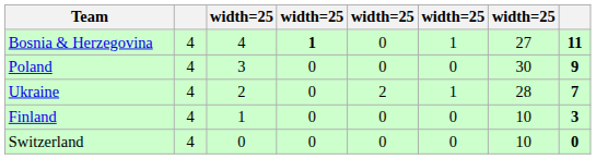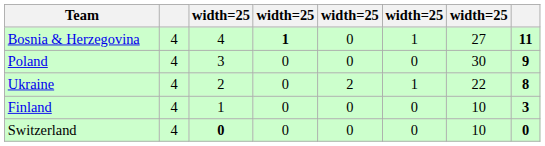 <table class="wikitable sortable" style="text-align: center; ">
 <tr>
 <th width=165>Team</th>
 <th width=25></th>
 <th>width=25</th>
 <th>width=25</th>
 <th>width=25</th>
 <th>width=25</th>
 <th>width=25</th>
 <th width=25></th>
 </tr>
 <tr style="background:#ccffcc;">
 <td style="text-align:left;"> <a href='#'>Bosnia & Herzegovina</a></td>
 <td>4</td>
 <td>4</td>
 <td><strong>1</strong></td>
 <td>0</td>
 <td>1</td>
 <td>27</td>
 <td><strong>11</strong></td>
 </tr>
 <tr style="background:#ccffcc;">
 <td style="text-align:left;"> <a href='#'>Poland</a></td>
 <td>4</td>
 <td>3</td>
 <td>0</td>
 <td>0</td>
 <td>0</td>
 <td>30</td>
 <td><strong>9</strong></td>
 </tr>
 <tr style="background:#ccffcc;">
 <td style="text-align:left;"> <a href='#'>Ukraine</a></td>
 <td>4</td>
 <td>2</td>
 <td>0</td>
 <td>2</td>
 <td>1</td>
-<td>28</td>
-<td><strong>7</strong></td>
+<td>22</td>
+<td><strong>8</strong></td>
 </tr>
 <tr style="background:#ccffcc;">
 <td style="text-align:left;"> <a href='#'>Finland</a></td>
 <td>4</td>
 <td>1</td>
 <td>0</td>
 <td>0</td>
 <td>0</td>
 <td>10</td>
 <td><strong>3</strong></td>
 </tr>
 <tr style="background:#ccffcc;">
 <td style="text-align:left;"> Switzerland</td>
 <td>4</td>
-<td>0</td>
+<td><strong>0</strong></td>
 <td>0</td>
 <td>0</td>
 <td>0</td>
 <td>10</td>
 <td><strong>0</strong></td>
 </tr>
 </table>
